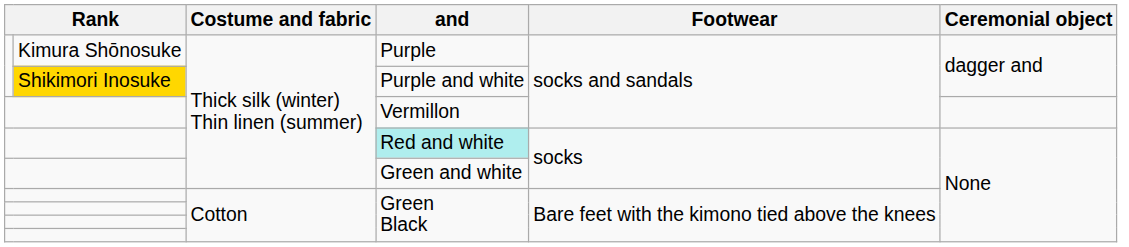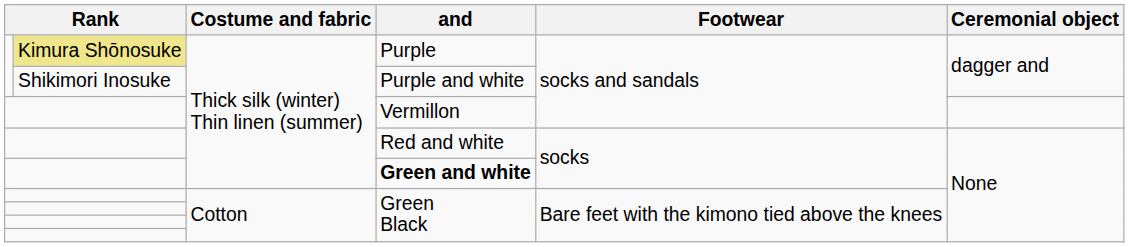 <table class="wikitable">
 <tr>
 <th colspan="2">Rank</th>
 <th>Costume and fabric</th>
 <th> and </th>
 <th>Footwear</th>
 <th>Ceremonial object</th>
 </tr>
 <tr>
 <td rowspan="2"></td>
-<td>Kimura Shōnosuke</td>
+<td style="background: khaki;">Kimura Shōnosuke</td>
 <td rowspan="5">Thick silk (winter)<br>Thin linen (summer)</td>
 <td> Purple</td>
 <td rowspan="3"> socks and  sandals</td>
 <td rowspan="2"> dagger and </td>
 </tr>
 <tr>
-<td style="background: gold;">Shikimori Inosuke</td>
+<td>Shikimori Inosuke</td>
 <td> Purple and white</td>
 </tr>
 <tr>
 <td colspan="2"></td>
 <td> Vermillon</td>
 <td></td>
 </tr>
 <tr>
 <td colspan="2"></td>
-<td style="background: paleturquoise;"> Red and white</td>
+<td> Red and white</td>
 <td rowspan="2"> socks</td>
 <td rowspan="6">None</td>
 </tr>
 <tr>
 <td colspan="2"></td>
-<td> Green and white</td>
+<td><strong> Green and white</strong></td>
 </tr>
 <tr>
 <td colspan="2"></td>
 <td rowspan="4">Cotton</td>
 <td rowspan="4"> Green<br> Black</td>
 <td rowspan="4">Bare feet with the kimono tied above the knees</td>
 </tr>
 <tr>
 <td colspan="2"></td>
 </tr>
 <tr>
 <td colspan="2"></td>
 </tr>
 <tr>
 <td colspan="2"></td>
 </tr>
 </table>
